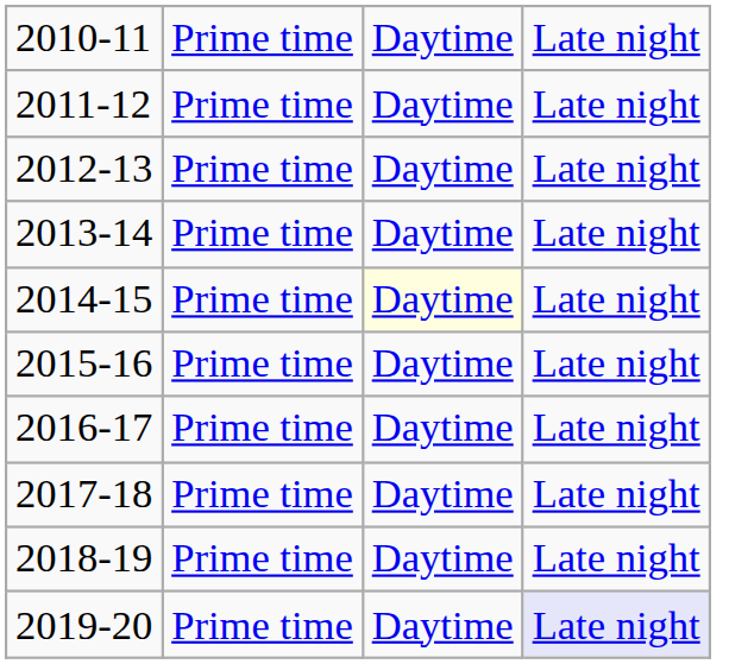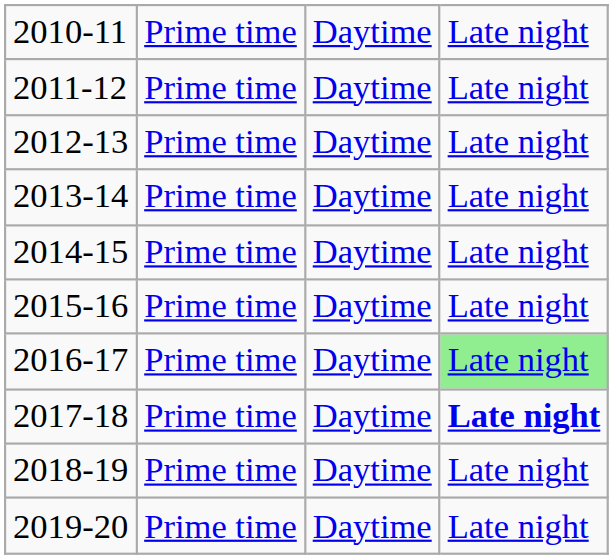 <table class="wikitable" border="1">
 <tr>
 <td>2010-11</td>
 <td><a href='#'>Prime time</a></td>
 <td><a href='#'>Daytime</a></td>
 <td><a href='#'>Late night</a></td>
 </tr>
 <tr>
 <td>2011-12</td>
 <td><a href='#'>Prime time</a></td>
 <td><a href='#'>Daytime</a></td>
 <td><a href='#'>Late night</a></td>
 </tr>
 <tr>
 <td>2012-13</td>
 <td><a href='#'>Prime time</a></td>
 <td><a href='#'>Daytime</a></td>
 <td><a href='#'>Late night</a></td>
 </tr>
 <tr>
 <td>2013-14</td>
 <td><a href='#'>Prime time</a></td>
 <td><a href='#'>Daytime</a></td>
 <td><a href='#'>Late night</a></td>
 </tr>
 <tr>
 <td>2014-15</td>
 <td><a href='#'>Prime time</a></td>
-<td style="background: lightyellow;"><a href='#'>Daytime</a></td>
+<td><a href='#'>Daytime</a></td>
 <td><a href='#'>Late night</a></td>
 </tr>
 <tr>
 <td>2015-16</td>
 <td><a href='#'>Prime time</a></td>
 <td><a href='#'>Daytime</a></td>
 <td><a href='#'>Late night</a></td>
 </tr>
 <tr>
 <td>2016-17</td>
 <td><a href='#'>Prime time</a></td>
 <td><a href='#'>Daytime</a></td>
-<td><a href='#'>Late night</a></td>
+<td style="background: lightgreen;"><a href='#'>Late night</a></td>
 </tr>
 <tr>
 <td>2017-18</td>
 <td><a href='#'>Prime time</a></td>
 <td><a href='#'>Daytime</a></td>
-<td><a href='#'>Late night</a></td>
+<td><strong><a href='#'>Late night</a></strong></td>
 </tr>
 <tr>
 <td>2018-19</td>
 <td><a href='#'>Prime time</a></td>
 <td><a href='#'>Daytime</a></td>
 <td><a href='#'>Late night</a></td>
 </tr>
 <tr>
 <td>2019-20</td>
 <td><a href='#'>Prime time</a></td>
 <td><a href='#'>Daytime</a></td>
-<td style="background: lavender;"><a href='#'>Late night</a></td>
+<td><a href='#'>Late night</a></td>
 </tr>
 </table>
